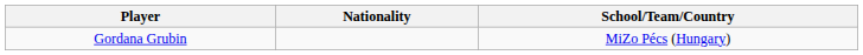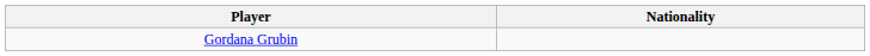 <table class="wikitable" style="text-align:center; width:60em">
 <tr>
 <th>Player</th>
 <th>Nationality</th>
-<th>School/Team/Country</th>
 </tr>
 <tr>
 <td><a href='#'>Gordana Grubin</a></td>
 <td></td>
-<td><a href='#'>MiZo Pécs</a> (<a href='#'>Hungary</a>)</td>
 </tr>
 </table>
